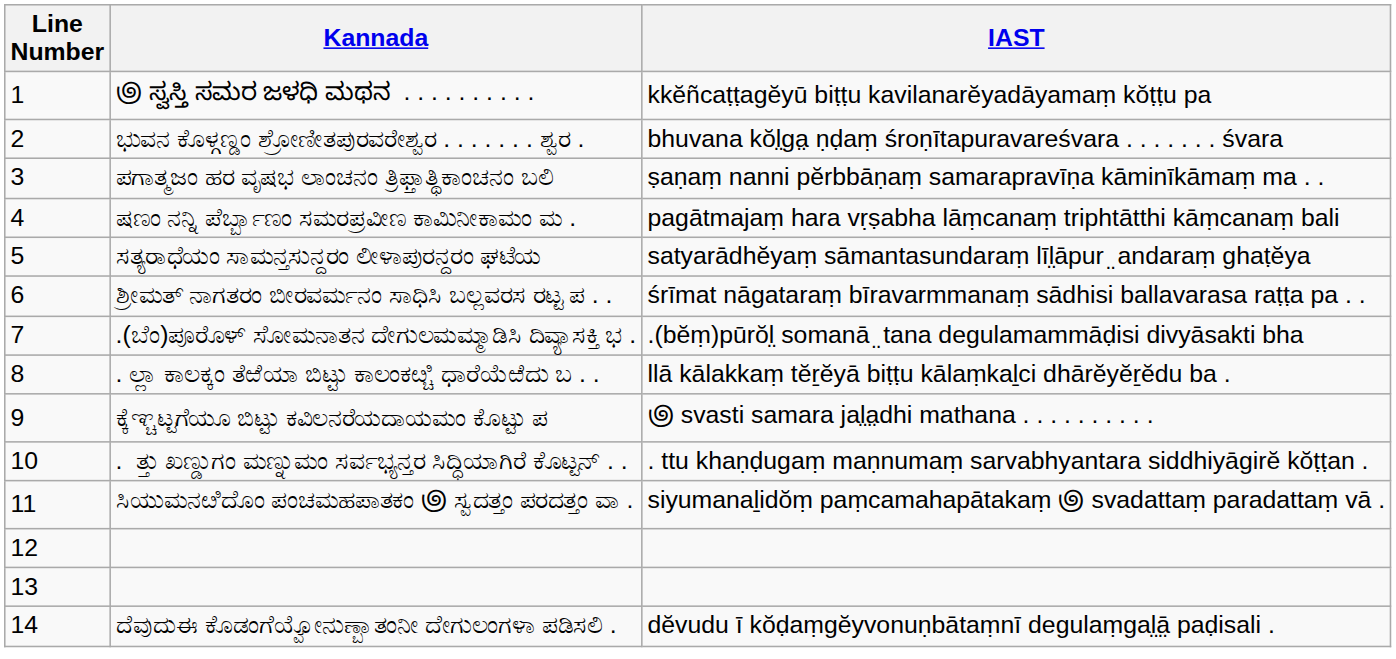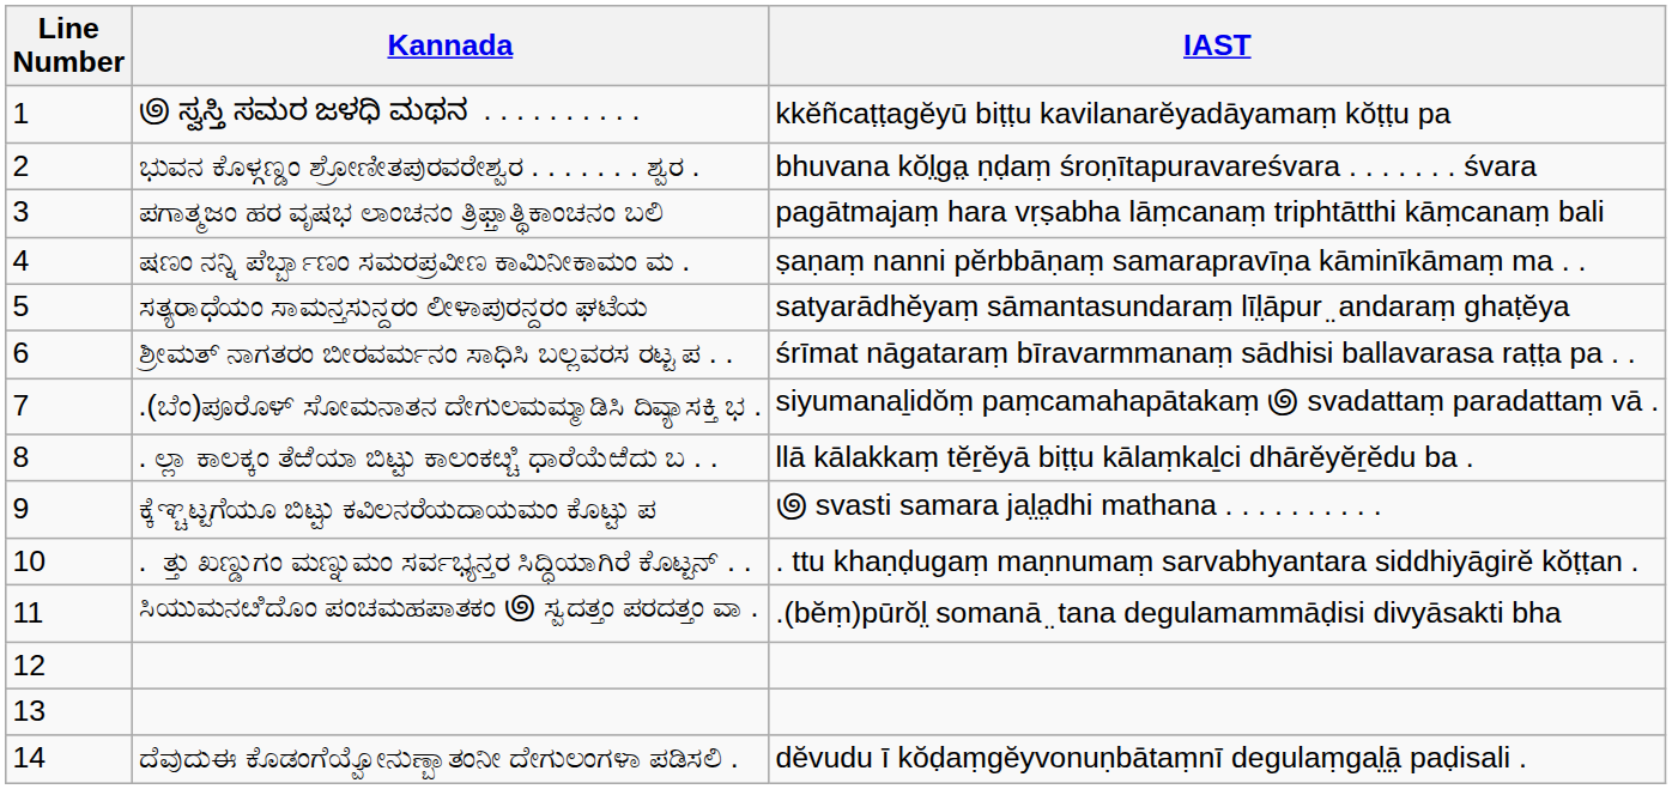 <table class="wikitable">
 <tr>
 <th>Line<br>Number</th>
 <th><a href='#'>Kannada</a></th>
 <th><a href='#'>IAST</a></th>
 </tr>
 <tr>
 <td>1</td>
 <td>಄ ಸ್ವಸ್ತಿ ಸಮರ ಜಳಧಿ ಮಥನ  . . . . . . . . . .</td>
 <td>kkĕñcaṭṭagĕyū biṭṭu kavilanarĕyadāyamaṃ kŏṭṭu pa</td>
 </tr>
 <tr>
 <td>2</td>
 <td>ಭುವನ ಕೊಳ್ಗಣ್ಡಂ ಶ್ರೋಣೀತಪುರವರೇಶ್ವರ . . . . . . . ಶ್ವರ .</td>
 <td>bhuvana kŏl̤ga̤ ṇḍaṃ śroṇītapuravareśvara . . . . . . . śvara</td>
 </tr>
 <tr>
 <td>3</td>
 <td>ಪಗಾತ್ಮಜಂ ಹರ ವೃಷಭ ಲಾಂಚನಂ ತ್ರಿಫ್ತಾತ್ಥಿಕಾಂಚನಂ ಬಲಿ</td>
-<td>ṣaṇaṃ nanni pĕrbbāṇaṃ samarapravīṇa kāminīkāmaṃ ma . .</td>
+<td>pagātmajaṃ hara vṛṣabha lāṃcanaṃ triphtātthi kāṃcanaṃ bali</td>
 </tr>
 <tr>
 <td>4</td>
 <td>ಷಣಂ ನನ್ನಿ ಪೆರ್ಬ್ಬಾಣಂ ಸಮರಪ್ರವೀಣ ಕಾಮಿನೀಕಾಮಂ ಮ .</td>
-<td>pagātmajaṃ hara vṛṣabha lāṃcanaṃ triphtātthi kāṃcanaṃ bali</td>
+<td>ṣaṇaṃ nanni pĕrbbāṇaṃ samarapravīṇa kāminīkāmaṃ ma . .</td>
 </tr>
 <tr>
 <td>5</td>
 <td>ಸತ್ಯರಾಧೆಯಂ ಸಾಮನ್ತಸುನ್ದರಂ ಲೀಳಾಪುರನ್ದರಂ ಘಟೆಯ</td>
 <td>satyarādhĕyaṃ sāmantasundaraṃ līl̤āpur ̤ andaraṃ ghaṭĕya</td>
 </tr>
 <tr>
 <td>6</td>
 <td>ಶ್ರೀಮತ್‌ ನಾಗತರಂ ಬೀರವರ್ಮನಂ ಸಾಧಿಸಿ ಬಲ್ಲವರಸ ರಟ್ಟ ಪ . .</td>
 <td>śrīmat nāgataraṃ bīravarmmanaṃ sādhisi ballavarasa raṭṭa pa . .</td>
 </tr>
 <tr>
 <td>7</td>
 <td>.(ಬೆಂ)ಪೂರೊಳ್‌ ಸೋಮನಾತನ ದೇಗುಲಮಮ್ಮಾಡಿಸಿ ದಿವ್ಯಾಸಕ್ತಿ ಭ .</td>
-<td>.(bĕṃ)pūrŏl̤ somanā ̤ tana degulamammāḍisi divyāsakti bha</td>
+<td>siyumanaḻidŏṃ paṃcamahapātakaṃ ಄ svadattaṃ paradattaṃ vā .</td>
 </tr>
 <tr>
 <td>8</td>
 <td>. ಲ್ಲಾ ಕಾಲಕ್ಕಂ ತೆಱೆಯಾ ಬಿಟ್ಟು ಕಾಲಂಕೞ್ಚಿ ಧಾರೆಯೆಱೆದು ಬ . .</td>
 <td>llā kālakkaṃ tĕṟĕyā biṭṭu kālaṃkaḻci dhārĕyĕṟĕdu ba .</td>
 </tr>
 <tr>
 <td>9</td>
 <td>ಕ್ಕೆಞ್ಚಟ್ಟಗೆಯೂ ಬಿಟ್ಟು ಕವಿಲನರೆಯದಾಯಮಂ ಕೊಟ್ಟು ಪ</td>
 <td>಄ svasti samara jal̤a̤dhi mathana . . . . . . . . . .</td>
 </tr>
 <tr>
 <td>10</td>
 <td>.  ತ್ತು ಖಣ್ಡುಗಂ ಮಣ್ನುಮಂ ಸರ್ವಭ್ಯನ್ತರ ಸಿದ್ಧಿಯಾಗಿರೆ ಕೊಟ್ಟನ್‌ . .</td>
 <td>. ttu khaṇḍugaṃ maṇnumaṃ sarvabhyantara siddhiyāgirĕ kŏṭṭan .</td>
 </tr>
 <tr>
 <td>11</td>
 <td>ಸಿಯುಮನೞಿದೊಂ ಪಂಚಮಹಪಾತಕಂ ಄ ಸ್ವದತ್ತಂ ಪರದತ್ತಂ ವಾ .</td>
-<td>siyumanaḻidŏṃ paṃcamahapātakaṃ ಄ svadattaṃ paradattaṃ vā .</td>
+<td>.(bĕṃ)pūrŏl̤ somanā ̤ tana degulamammāḍisi divyāsakti bha</td>
 </tr>
 <tr>
 <td>12</td>
 <td></td>
 <td></td>
 </tr>
 <tr>
 <td>13</td>
 <td></td>
 <td></td>
 </tr>
 <tr>
 <td>14</td>
 <td>ದೆವುದುಈ ಕೊಡಂಗೆಯ್ವೋನುಣ್ಬಾತಂನೀ ದೇಗುಲಂಗಳಾ ಪಡಿಸಲಿ .</td>
 <td>dĕvudu ī kŏḍaṃgĕyvonuṇbātaṃnī degulaṃgal̤ā̤ paḍisali .</td>
 </tr>
 </table>
